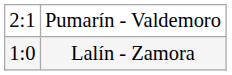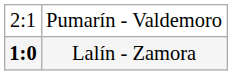 <table class="wikitable">
 <tr align=center bgcolor=white>
 <td>2:1</td>
 <td>Pumarín - Valdemoro</td>
 </tr>
 <tr align=center bgcolor=#F5F5F5>
-<td>1:0</td>
+<td><strong>1:0</strong></td>
 <td>Lalín - Zamora</td>
 </tr>
 </table>
